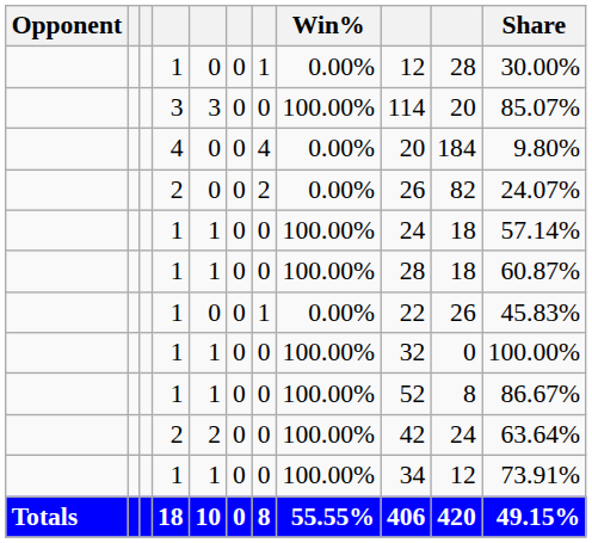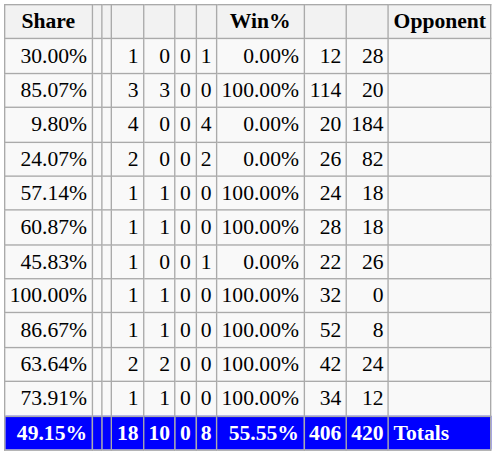 <table class="wikitable sortable" style="text-align:right;">
 <tr>
-<th>Opponent</th>
+<th>Share</th>
 <th></th>
 <th></th>
 <th></th>
 <th></th>
 <th></th>
 <th></th>
 <th>Win%</th>
 <th></th>
 <th></th>
-<th>Share</th>
+<th>Opponent</th>
 </tr>
 <tr>
-<td align=left></td>
+<td>30.00%</td>
 <td></td>
 <td></td>
 <td>1</td>
 <td>0</td>
 <td>0</td>
 <td>1</td>
 <td>0.00%</td>
 <td>12</td>
 <td>28</td>
-<td>30.00%</td>
+<td align=left></td>
 </tr>
 <tr>
-<td align=left></td>
+<td>85.07%</td>
 <td></td>
 <td></td>
 <td>3</td>
 <td>3</td>
 <td>0</td>
 <td>0</td>
 <td>100.00%</td>
 <td>114</td>
 <td>20</td>
-<td>85.07%</td>
+<td align=left></td>
 </tr>
 <tr>
-<td align=left></td>
+<td>9.80%</td>
 <td></td>
 <td></td>
 <td>4</td>
 <td>0</td>
 <td>0</td>
 <td>4</td>
 <td>0.00%</td>
 <td>20</td>
 <td>184</td>
-<td>9.80%</td>
+<td align=left></td>
 </tr>
 <tr>
-<td align=left></td>
+<td>24.07%</td>
 <td></td>
 <td></td>
 <td>2</td>
 <td>0</td>
 <td>0</td>
 <td>2</td>
 <td>0.00%</td>
 <td>26</td>
 <td>82</td>
-<td>24.07%</td>
+<td align=left></td>
 </tr>
 <tr>
-<td align=left></td>
+<td>57.14%</td>
 <td></td>
 <td></td>
 <td>1</td>
 <td>1</td>
 <td>0</td>
 <td>0</td>
 <td>100.00%</td>
 <td>24</td>
 <td>18</td>
-<td>57.14%</td>
+<td align=left></td>
 </tr>
 <tr>
-<td align=left></td>
+<td>60.87%</td>
 <td></td>
 <td></td>
 <td>1</td>
 <td>1</td>
 <td>0</td>
 <td>0</td>
 <td>100.00%</td>
 <td>28</td>
 <td>18</td>
-<td>60.87%</td>
+<td align=left></td>
 </tr>
 <tr>
-<td align=left></td>
+<td>45.83%</td>
 <td></td>
 <td></td>
 <td>1</td>
 <td>0</td>
 <td>0</td>
 <td>1</td>
 <td>0.00%</td>
 <td>22</td>
 <td>26</td>
-<td>45.83%</td>
+<td align=left></td>
 </tr>
 <tr>
-<td align=left></td>
+<td>100.00%</td>
 <td></td>
 <td></td>
 <td>1</td>
 <td>1</td>
 <td>0</td>
 <td>0</td>
 <td>100.00%</td>
 <td>32</td>
 <td>0</td>
-<td>100.00%</td>
+<td align=left></td>
 </tr>
 <tr>
-<td align=left></td>
+<td>86.67%</td>
 <td></td>
 <td></td>
 <td>1</td>
 <td>1</td>
 <td>0</td>
 <td>0</td>
 <td>100.00%</td>
 <td>52</td>
 <td>8</td>
-<td>86.67%</td>
+<td align=left></td>
 </tr>
 <tr>
-<td align=left></td>
+<td>63.64%</td>
 <td></td>
 <td></td>
 <td>2</td>
 <td>2</td>
 <td>0</td>
 <td>0</td>
 <td>100.00%</td>
 <td>42</td>
 <td>24</td>
-<td>63.64%</td>
+<td align=left></td>
 </tr>
 <tr>
-<td align=left></td>
+<td>73.91%</td>
 <td></td>
 <td></td>
 <td>1</td>
 <td>1</td>
 <td>0</td>
 <td>0</td>
 <td>100.00%</td>
 <td>34</td>
 <td>12</td>
-<td>73.91%</td>
+<td align=left></td>
 </tr>
 <tr style="background: blue; color:white;">
-<td align=left><strong>Totals</strong></td>
+<td><strong>49.15%</strong></td>
 <td><strong></strong></td>
 <td><strong></strong></td>
 <td><strong>18</strong></td>
 <td><strong>10</strong></td>
 <td><strong>0</strong></td>
 <td><strong>8</strong></td>
 <td><strong>55.55%</strong></td>
 <td><strong>406</strong></td>
 <td><strong>420</strong></td>
-<td><strong>49.15%</strong></td>
+<td align=left><strong>Totals</strong></td>
 </tr>
 </table>
